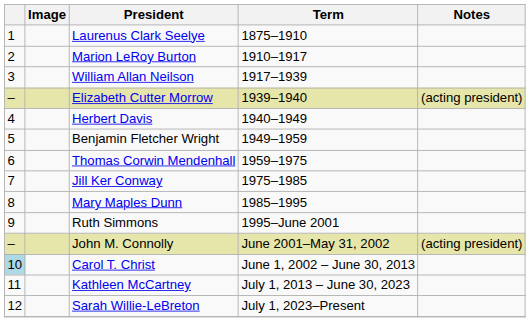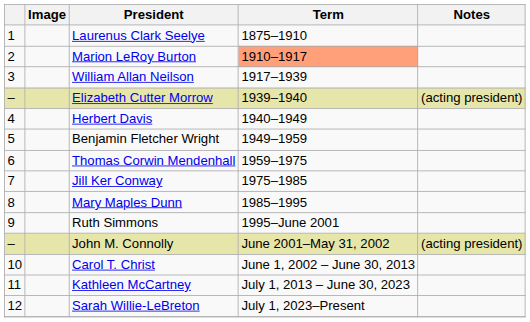 <table class=wikitable style="text-align:left">
 <tr>
 <th></th>
 <th>Image</th>
 <th>President</th>
 <th>Term</th>
 <th>Notes</th>
 </tr>
 <tr>
 <td>1</td>
 <td></td>
 <td><a href='#'>Laurenus Clark Seelye</a></td>
 <td>1875–1910</td>
 <td></td>
 </tr>
 <tr>
 <td>2</td>
 <td></td>
 <td><a href='#'>Marion LeRoy Burton</a></td>
-<td>1910–1917</td>
+<td style="background: lightsalmon;">1910–1917</td>
 <td></td>
 </tr>
 <tr>
 <td>3</td>
 <td></td>
 <td><a href='#'>William Allan Neilson</a></td>
 <td>1917–1939</td>
 <td></td>
 </tr>
 <tr bgcolor="#e6e6aa">
 <td>–</td>
 <td></td>
 <td><a href='#'>Elizabeth Cutter Morrow</a></td>
 <td>1939–1940</td>
 <td>(acting president)</td>
 </tr>
 <tr>
 <td>4</td>
 <td></td>
 <td><a href='#'>Herbert Davis</a></td>
 <td>1940–1949</td>
 <td></td>
 </tr>
 <tr>
 <td>5</td>
 <td></td>
 <td>Benjamin Fletcher Wright</td>
 <td>1949–1959</td>
 <td></td>
 </tr>
 <tr>
 <td>6</td>
 <td></td>
 <td><a href='#'>Thomas Corwin Mendenhall</a></td>
 <td>1959–1975</td>
 <td></td>
 </tr>
 <tr>
 <td>7</td>
 <td></td>
 <td><a href='#'>Jill Ker Conway</a></td>
 <td>1975–1985</td>
 <td></td>
 </tr>
 <tr>
 <td>8</td>
 <td></td>
 <td><a href='#'>Mary Maples Dunn</a></td>
 <td>1985–1995</td>
 <td></td>
 </tr>
 <tr>
 <td>9</td>
 <td></td>
 <td>Ruth Simmons</td>
 <td>1995–June 2001</td>
 <td></td>
 </tr>
 <tr bgcolor="#e6e6aa">
 <td>–</td>
 <td></td>
 <td>John M. Connolly</td>
 <td>June 2001–May 31, 2002</td>
 <td>(acting president)</td>
 </tr>
 <tr>
-<td style="background: lightblue;">10</td>
+<td>10</td>
 <td></td>
 <td><a href='#'>Carol T. Christ</a></td>
 <td>June 1, 2002 – June 30, 2013</td>
 <td></td>
 </tr>
 <tr>
 <td>11</td>
 <td></td>
 <td><a href='#'>Kathleen McCartney</a></td>
 <td>July 1, 2013 – June 30, 2023</td>
 <td></td>
 </tr>
 <tr>
 <td>12</td>
 <td></td>
 <td><a href='#'>Sarah Willie-LeBreton</a></td>
 <td>July 1, 2023–Present</td>
 <td></td>
 </tr>
 <tr>
 </tr>
 </table>
